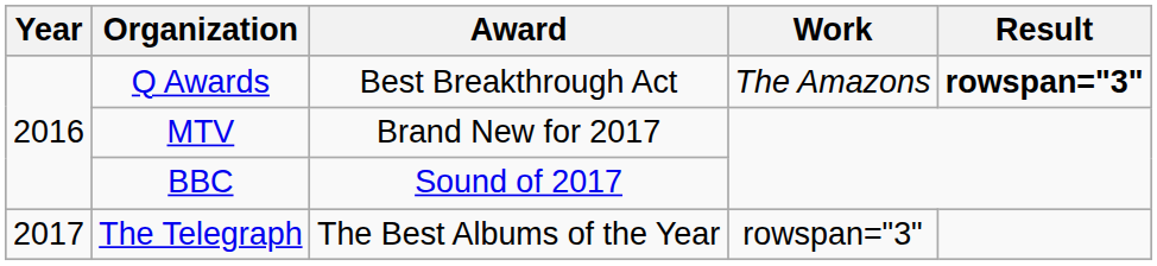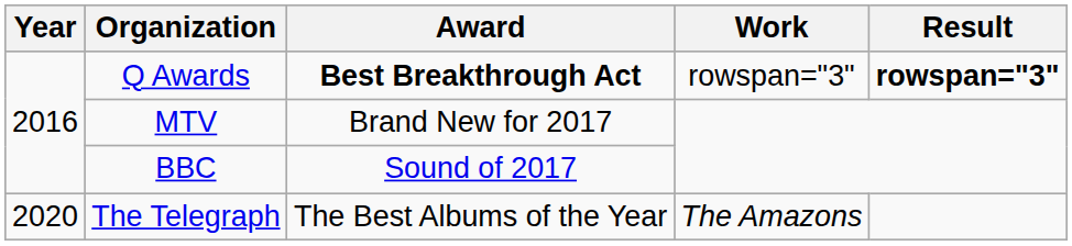 <table class="wikitable plainrowheaders" style="text-align:center;">
 <tr>
 <th>Year</th>
 <th>Organization</th>
 <th>Award</th>
 <th>Work</th>
 <th>Result</th>
 </tr>
 <tr>
 <td rowspan="3">2016</td>
 <td><a href='#'>Q Awards</a></td>
-<td>Best Breakthrough Act</td>
-<td><em>The Amazons</em></td>
+<td><strong>Best Breakthrough Act</strong></td>
+<td>rowspan="3" </td>
 <td><strong>rowspan="3" <br></strong></td>
 </tr>
 <tr>
 <td><a href='#'>MTV</a></td>
 <td>Brand New for 2017</td>
 </tr>
 <tr>
 <td><a href='#'>BBC</a></td>
 <td><a href='#'>Sound of 2017</a></td>
 </tr>
 <tr>
-<td>2017</td>
+<td>2020</td>
 <td><a href='#'>The Telegraph</a></td>
 <td>The Best Albums of the Year</td>
-<td>rowspan="3" </td>
+<td><em>The Amazons</em></td>
 <td></td>
 </tr>
 </table>
